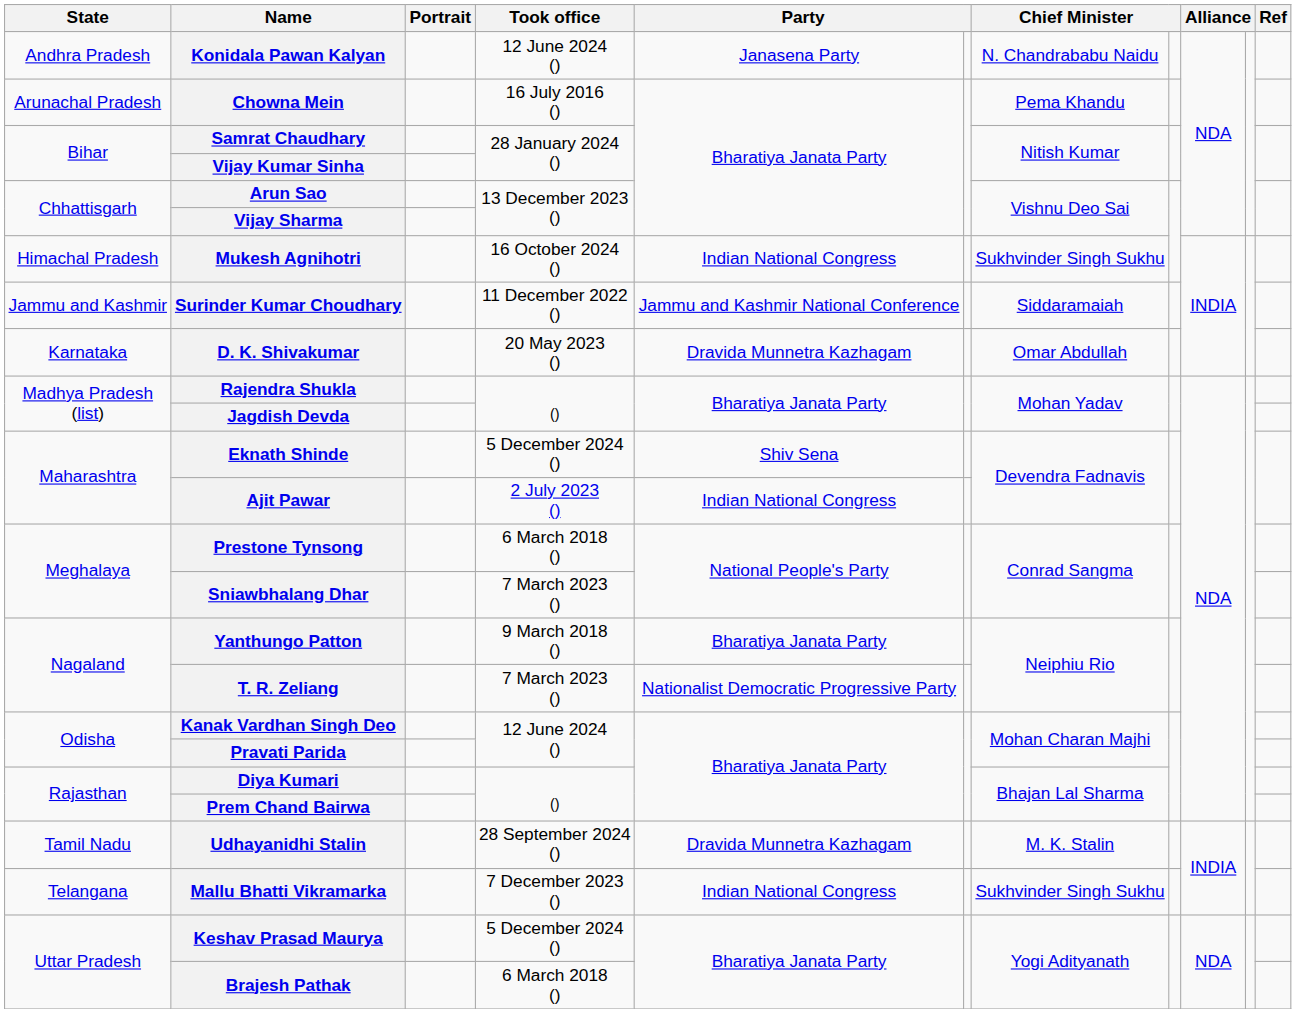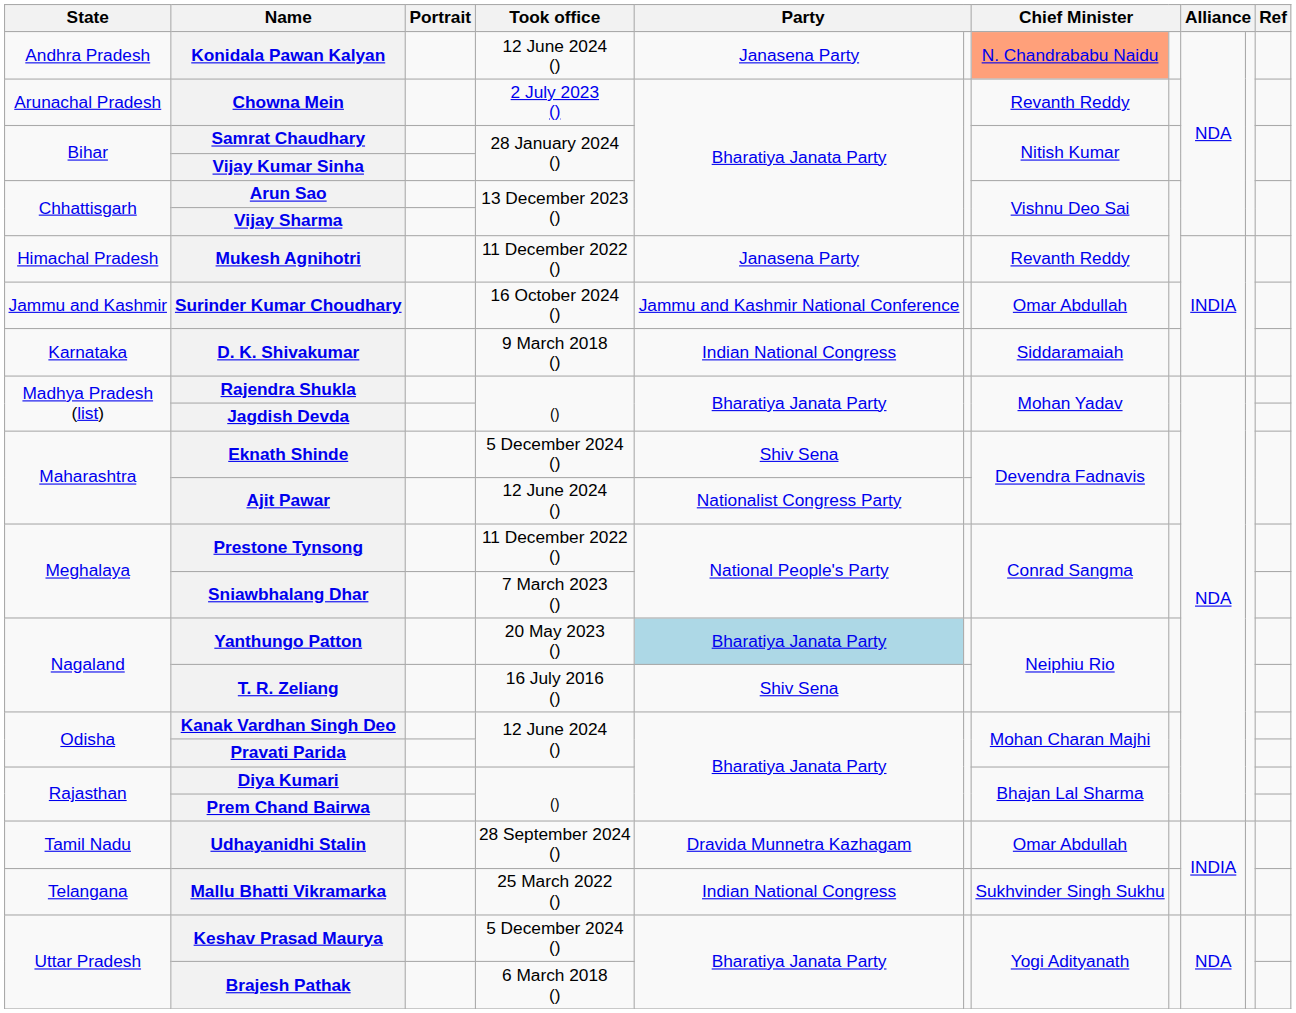 <table class="wikitable sortable" style="text-align:center">
 <tr>
 <th scope=col>State<br></th>
 <th scope=col>Name</th>
 <th scope=col class=unsortable>Portrait</th>
 <th scope=col>Took office<br></th>
 <th scope=col colspan=2>Party</th>
 <th scope=col colspan=2>Chief Minister</th>
 <th scope=col colspan=2>Alliance</th>
 <th scope=col class=unsortable>Ref</th>
 </tr>
 <tr>
 <td><a href='#'>Andhra Pradesh</a><br></td>
 <th><a href='#'>Konidala Pawan Kalyan</a></th>
 <td></td>
 <td>12 June 2024 <br>()</td>
 <td><a href='#'>Janasena Party</a></td>
 <td></td>
-<td><a href='#'>N. Chandrababu Naidu</a></td>
+<td style="background: lightsalmon;"><a href='#'>N. Chandrababu Naidu</a></td>
 <td></td>
 <td rowspan="6"><a href='#'>NDA</a></td>
 <td rowspan="6"></td>
 <td></td>
 </tr>
 <tr>
 <td><a href='#'>Arunachal Pradesh</a><br></td>
 <th><a href='#'>Chowna Mein</a></th>
 <td></td>
-<td>16 July 2016 <br>()</td>
+<td><a href='#'>2 July 2023 <br> ()</a></td>
 <td Rowspan=5><a href='#'>Bharatiya Janata Party</a></td>
 <td rowspan="5"></td>
-<td><a href='#'>Pema Khandu</a></td>
+<td><a href='#'>Revanth Reddy</a></td>
 <td></td>
 <td></td>
 </tr>
 <tr>
 <td rowspan=2><a href='#'>Bihar</a><br></td>
 <th><a href='#'>Samrat Chaudhary</a></th>
 <td></td>
 <td rowspan="2">28 January 2024 <br> ()</td>
 <td rowspan=2><a href='#'>Nitish Kumar</a></td>
 <td rowspan="2" width="4px" style="background-color: "></td>
 <td rowspan="2"></td>
 </tr>
 <tr>
 <th><a href='#'>Vijay Kumar Sinha</a></th>
 <td></td>
 </tr>
 <tr>
 <td rowspan=2><a href='#'>Chhattisgarh</a><br></td>
 <th><a href='#'>Arun Sao</a></th>
 <td></td>
 <td rowspan="2">13 December 2023 <br> ()</td>
 <td rowspan=2><a href='#'>Vishnu Deo Sai</a></td>
 <td rowspan="3" width="4px" style="background-color: "></td>
 <td rowspan="2"></td>
 </tr>
 <tr>
 <th><a href='#'>Vijay Sharma</a></th>
 <td></td>
 </tr>
 <tr>
 <td><a href='#'>Himachal Pradesh</a><br></td>
 <th><a href='#'>Mukesh Agnihotri</a></th>
 <td></td>
-<td>16 October 2024 <br> ()</td>
-<td><a href='#'>Indian National Congress</a></td>
+<td>11 December 2022 <br> ()</td>
+<td><a href='#'>Janasena Party</a></td>
 <td></td>
-<td><a href='#'>Sukhvinder Singh Sukhu</a></td>
+<td><a href='#'>Revanth Reddy</a></td>
 <td rowspan="3"><a href='#'>INDIA</a></td>
 <td rowspan="3"></td>
 <td></td>
 </tr>
 <tr>
 <td><a href='#'>Jammu and Kashmir</a><br></td>
 <th><a href='#'>Surinder Kumar Choudhary</a></th>
 <td></td>
-<td>11 December 2022 <br> ()</td>
+<td>16 October 2024 <br> ()</td>
 <td><a href='#'>Jammu and Kashmir National Conference</a></td>
 <td></td>
-<td><a href='#'>Siddaramaiah</a></td>
+<td><a href='#'>Omar Abdullah</a></td>
 <td></td>
 <td></td>
 </tr>
 <tr>
 <td><a href='#'>Karnataka</a><br></td>
 <th><a href='#'>D. K. Shivakumar</a></th>
 <td></td>
-<td>20 May 2023 <br> ()</td>
-<td><a href='#'>Dravida Munnetra Kazhagam</a></td>
+<td>9 March 2018 <br>()</td>
+<td><a href='#'>Indian National Congress</a></td>
 <td></td>
-<td><a href='#'>Omar Abdullah</a></td>
+<td><a href='#'>Siddaramaiah</a></td>
 <td></td>
 <td></td>
 </tr>
 <tr>
 <td rowspan="2"><a href='#'>Madhya Pradesh</a><br>(<a href='#'>list</a>)</td>
 <th><a href='#'>Rajendra Shukla</a></th>
 <td></td>
 <td rowspan="2"><br><small>()</small></td>
 <td rowspan="2"><a href='#'>Bharatiya Janata Party</a></td>
 <td rowspan="2"></td>
 <td rowspan="2"><a href='#'>Mohan Yadav</a></td>
 <td rowspan="2"></td>
 <td rowspan="12"><a href='#'>NDA</a></td>
 <td rowspan="12"></td>
 <td></td>
 </tr>
 <tr>
 <th><a href='#'>Jagdish Devda</a></th>
 <td></td>
 <td></td>
 </tr>
 <tr>
 <td rowspan=2><a href='#'>Maharashtra</a><br></td>
 <th><a href='#'>Eknath Shinde</a></th>
 <td></td>
 <td>5 December 2024 <br> ()</td>
 <td><a href='#'>Shiv Sena</a></td>
 <td></td>
 <td rowspan=2><a href='#'>Devendra Fadnavis</a></td>
 <td rowspan=2 width="4px" style="background-color: "></td>
 <td rowspan="2"></td>
 </tr>
 <tr>
 <th><a href='#'>Ajit Pawar</a></th>
 <td></td>
-<td><a href='#'>2 July 2023 <br> ()</a></td>
-<td><a href='#'>Indian National Congress</a></td>
+<td>12 June 2024 <br>()</td>
+<td><a href='#'>Nationalist Congress Party</a></td>
 <td></td>
 </tr>
 <tr>
 <td rowspan="2"><a href='#'>Meghalaya</a><br></td>
 <th><a href='#'>Prestone Tynsong</a></th>
 <td></td>
-<td>6 March 2018 <br>()</td>
+<td>11 December 2022 <br> ()</td>
 <td rowspan="2"><a href='#'>National People's Party</a></td>
 <td rowspan="2"></td>
 <td rowspan="2"><a href='#'>Conrad Sangma</a></td>
 <td rowspan="2"></td>
 <td></td>
 </tr>
 <tr>
 <th><a href='#'>Sniawbhalang Dhar</a></th>
 <td></td>
 <td>7 March 2023<br>()</td>
 <td></td>
 </tr>
 <tr>
 <td rowspan="2"><a href='#'>Nagaland</a><br></td>
 <th><a href='#'>Yanthungo Patton</a></th>
 <td></td>
-<td>9 March 2018 <br>()</td>
-<td rowspan="1"><a href='#'>Bharatiya Janata Party</a></td>
+<td>20 May 2023 <br> ()</td>
+<td rowspan="1" style="background: lightblue;"><a href='#'>Bharatiya Janata Party</a></td>
 <td rowspan="1"></td>
 <td rowspan="2"><a href='#'>Neiphiu Rio</a></td>
 <td rowspan="2"></td>
 <td></td>
 </tr>
 <tr>
 <th><a href='#'>T. R. Zeliang</a></th>
 <td></td>
-<td>7 March 2023<br>()</td>
-<td><a href='#'>Nationalist Democratic Progressive Party</a></td>
+<td>16 July 2016 <br>()</td>
+<td><a href='#'>Shiv Sena</a></td>
 <td></td>
 <td></td>
 </tr>
 <tr>
 <td rowspan="2"><a href='#'>Odisha</a><br></td>
 <th><a href='#'>Kanak Vardhan Singh Deo</a></th>
 <td></td>
 <td rowspan="2">12 June 2024 <br>()</td>
 <td rowspan="4"><a href='#'>Bharatiya Janata Party</a></td>
 <td rowspan="4"></td>
 <td rowspan="2"><a href='#'>Mohan Charan Majhi</a></td>
 <td rowspan="4"></td>
 <td></td>
 </tr>
 <tr>
 <th><a href='#'>Pravati Parida</a></th>
 <td></td>
 <td></td>
 </tr>
 <tr>
 <td rowspan=2><a href='#'>Rajasthan</a><br></td>
 <th><a href='#'>Diya Kumari</a></th>
 <td></td>
 <td rowspan="2"><br><small>()</small></td>
 <td rowspan=2><a href='#'>Bhajan Lal Sharma</a></td>
 <td></td>
 </tr>
 <tr>
 <th><a href='#'>Prem Chand Bairwa</a></th>
 <td></td>
 <td></td>
 </tr>
 <tr>
 <td><a href='#'>Tamil Nadu</a><br></td>
 <th><a href='#'>Udhayanidhi Stalin</a></th>
 <td></td>
 <td>28 September 2024<br>()</td>
 <td><a href='#'>Dravida Munnetra Kazhagam</a></td>
 <td></td>
-<td><a href='#'>M. K. Stalin</a></td>
+<td><a href='#'>Omar Abdullah</a></td>
 <td></td>
 <td rowspan=2><a href='#'>INDIA</a></td>
 <td rowspan=2></td>
 <td></td>
 </tr>
 <tr>
 <td><a href='#'>Telangana</a><br></td>
 <th><a href='#'>Mallu Bhatti Vikramarka</a></th>
 <td></td>
-<td>7 December 2023 <br> ()</td>
+<td>25 March 2022 <br>()</td>
 <td><a href='#'>Indian National Congress</a></td>
 <td></td>
 <td><a href='#'>Sukhvinder Singh Sukhu</a></td>
 <td></td>
 <td></td>
 </tr>
 <tr>
 <td rowspan=2><a href='#'>Uttar Pradesh</a><br></td>
 <th><a href='#'>Keshav Prasad Maurya</a></th>
 <td></td>
 <td>5 December 2024 <br> ()</td>
 <td rowspan=2><a href='#'>Bharatiya Janata Party</a></td>
 <td rowspan=2></td>
 <td rowspan=2><a href='#'>Yogi Adityanath</a></td>
 <td rowspan=2></td>
 <td rowspan="2"><a href='#'>NDA</a></td>
 <td rowspan="2"></td>
 <td></td>
 </tr>
 <tr>
 <th><a href='#'>Brajesh Pathak</a></th>
 <td></td>
 <td>6 March 2018 <br>()</td>
 <td></td>
 </tr>
 </table>
